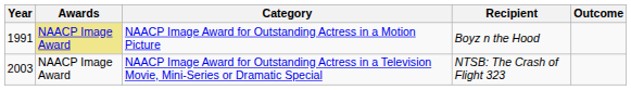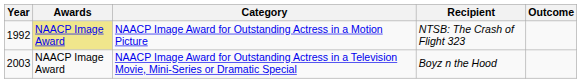 <table class="wikitable sortable">
 <tr>
 <th>Year</th>
 <th>Awards</th>
 <th>Category</th>
 <th>Recipient</th>
 <th>Outcome</th>
 </tr>
 <tr>
-<td>1991</td>
+<td>1992</td>
 <td style="background: khaki;"><a href='#'>NAACP Image Award</a></td>
 <td><a href='#'>NAACP Image Award for Outstanding Actress in a Motion Picture</a></td>
-<td><em>Boyz n the Hood</em></td>
+<td><em>NTSB: The Crash of Flight 323</em></td>
 <td></td>
 </tr>
 <tr>
 <td>2003</td>
 <td>NAACP Image Award</td>
 <td><a href='#'>NAACP Image Award for Outstanding Actress in a Television Movie, Mini-Series or Dramatic Special</a></td>
-<td><em>NTSB: The Crash of Flight 323</em></td>
+<td><em>Boyz n the Hood</em></td>
 <td></td>
 </tr>
 </table>
